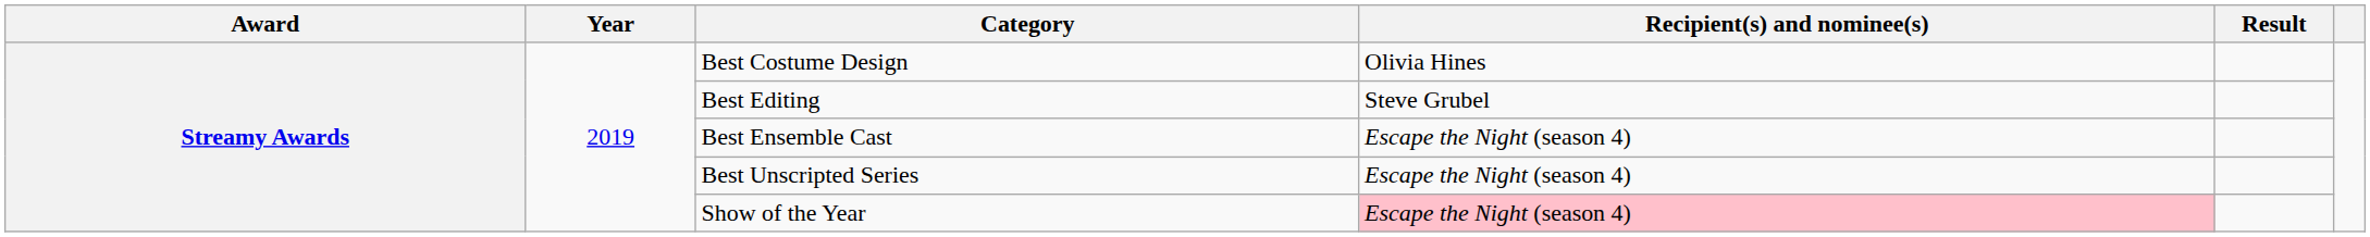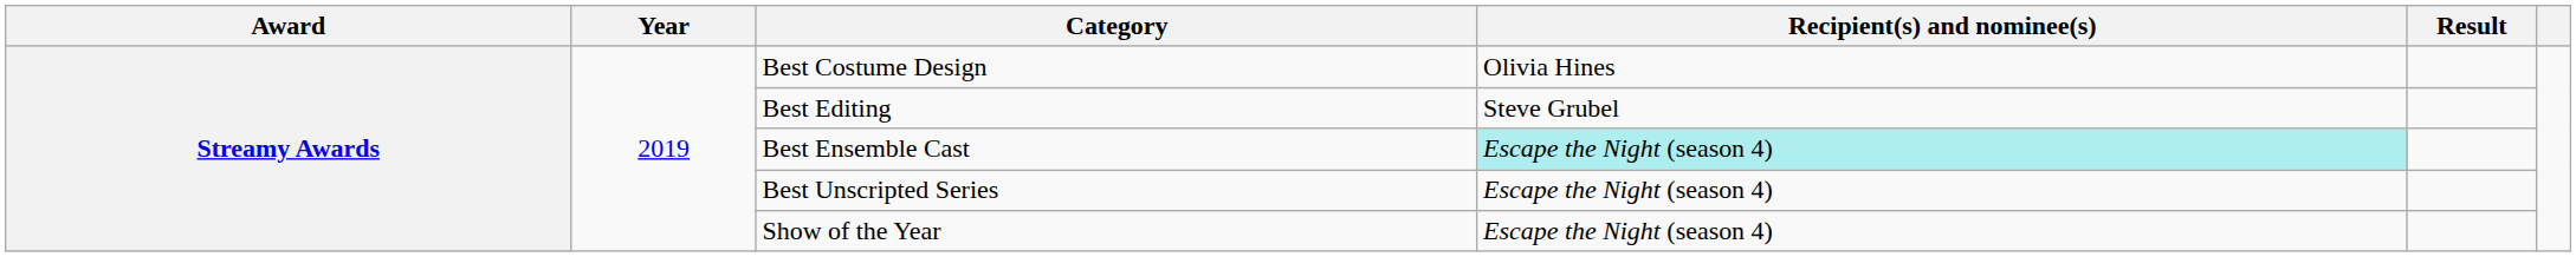 <table class="wikitable sortable plainrowheaders" style="width: 100%;">
 <tr>
 <th scope="col">Award</th>
 <th scope="col">Year</th>
 <th scope="col">Category</th>
 <th scope="col">Recipient(s) and nominee(s)</th>
 <th scope="col" style="width: 5%;">Result</th>
 <th scope="col" class="unsortable"></th>
 </tr>
 <tr>
 <th scope="row" rowspan="5" style="text-align: center;"><a href='#'>Streamy Awards</a></th>
 <td rowspan="5" style="text-align: center;"><a href='#'>2019</a></td>
 <td>Best Costume Design</td>
 <td>Olivia Hines</td>
 <td></td>
 <td rowspan="5" style="text-align: center;"></td>
 </tr>
 <tr>
 <td>Best Editing</td>
 <td>Steve Grubel</td>
 <td></td>
 </tr>
 <tr>
 <td>Best Ensemble Cast</td>
-<td><em>Escape the Night</em> (season 4)</td>
+<td style="background: paleturquoise;"><em>Escape the Night</em> (season 4)</td>
 <td></td>
 </tr>
 <tr>
 <td>Best Unscripted Series</td>
 <td><em>Escape the Night</em> (season 4)</td>
 <td></td>
 </tr>
 <tr>
 <td>Show of the Year</td>
-<td style="background: pink;"><em>Escape the Night</em> (season 4)</td>
+<td><em>Escape the Night</em> (season 4)</td>
 <td></td>
 </tr>
 </table>
